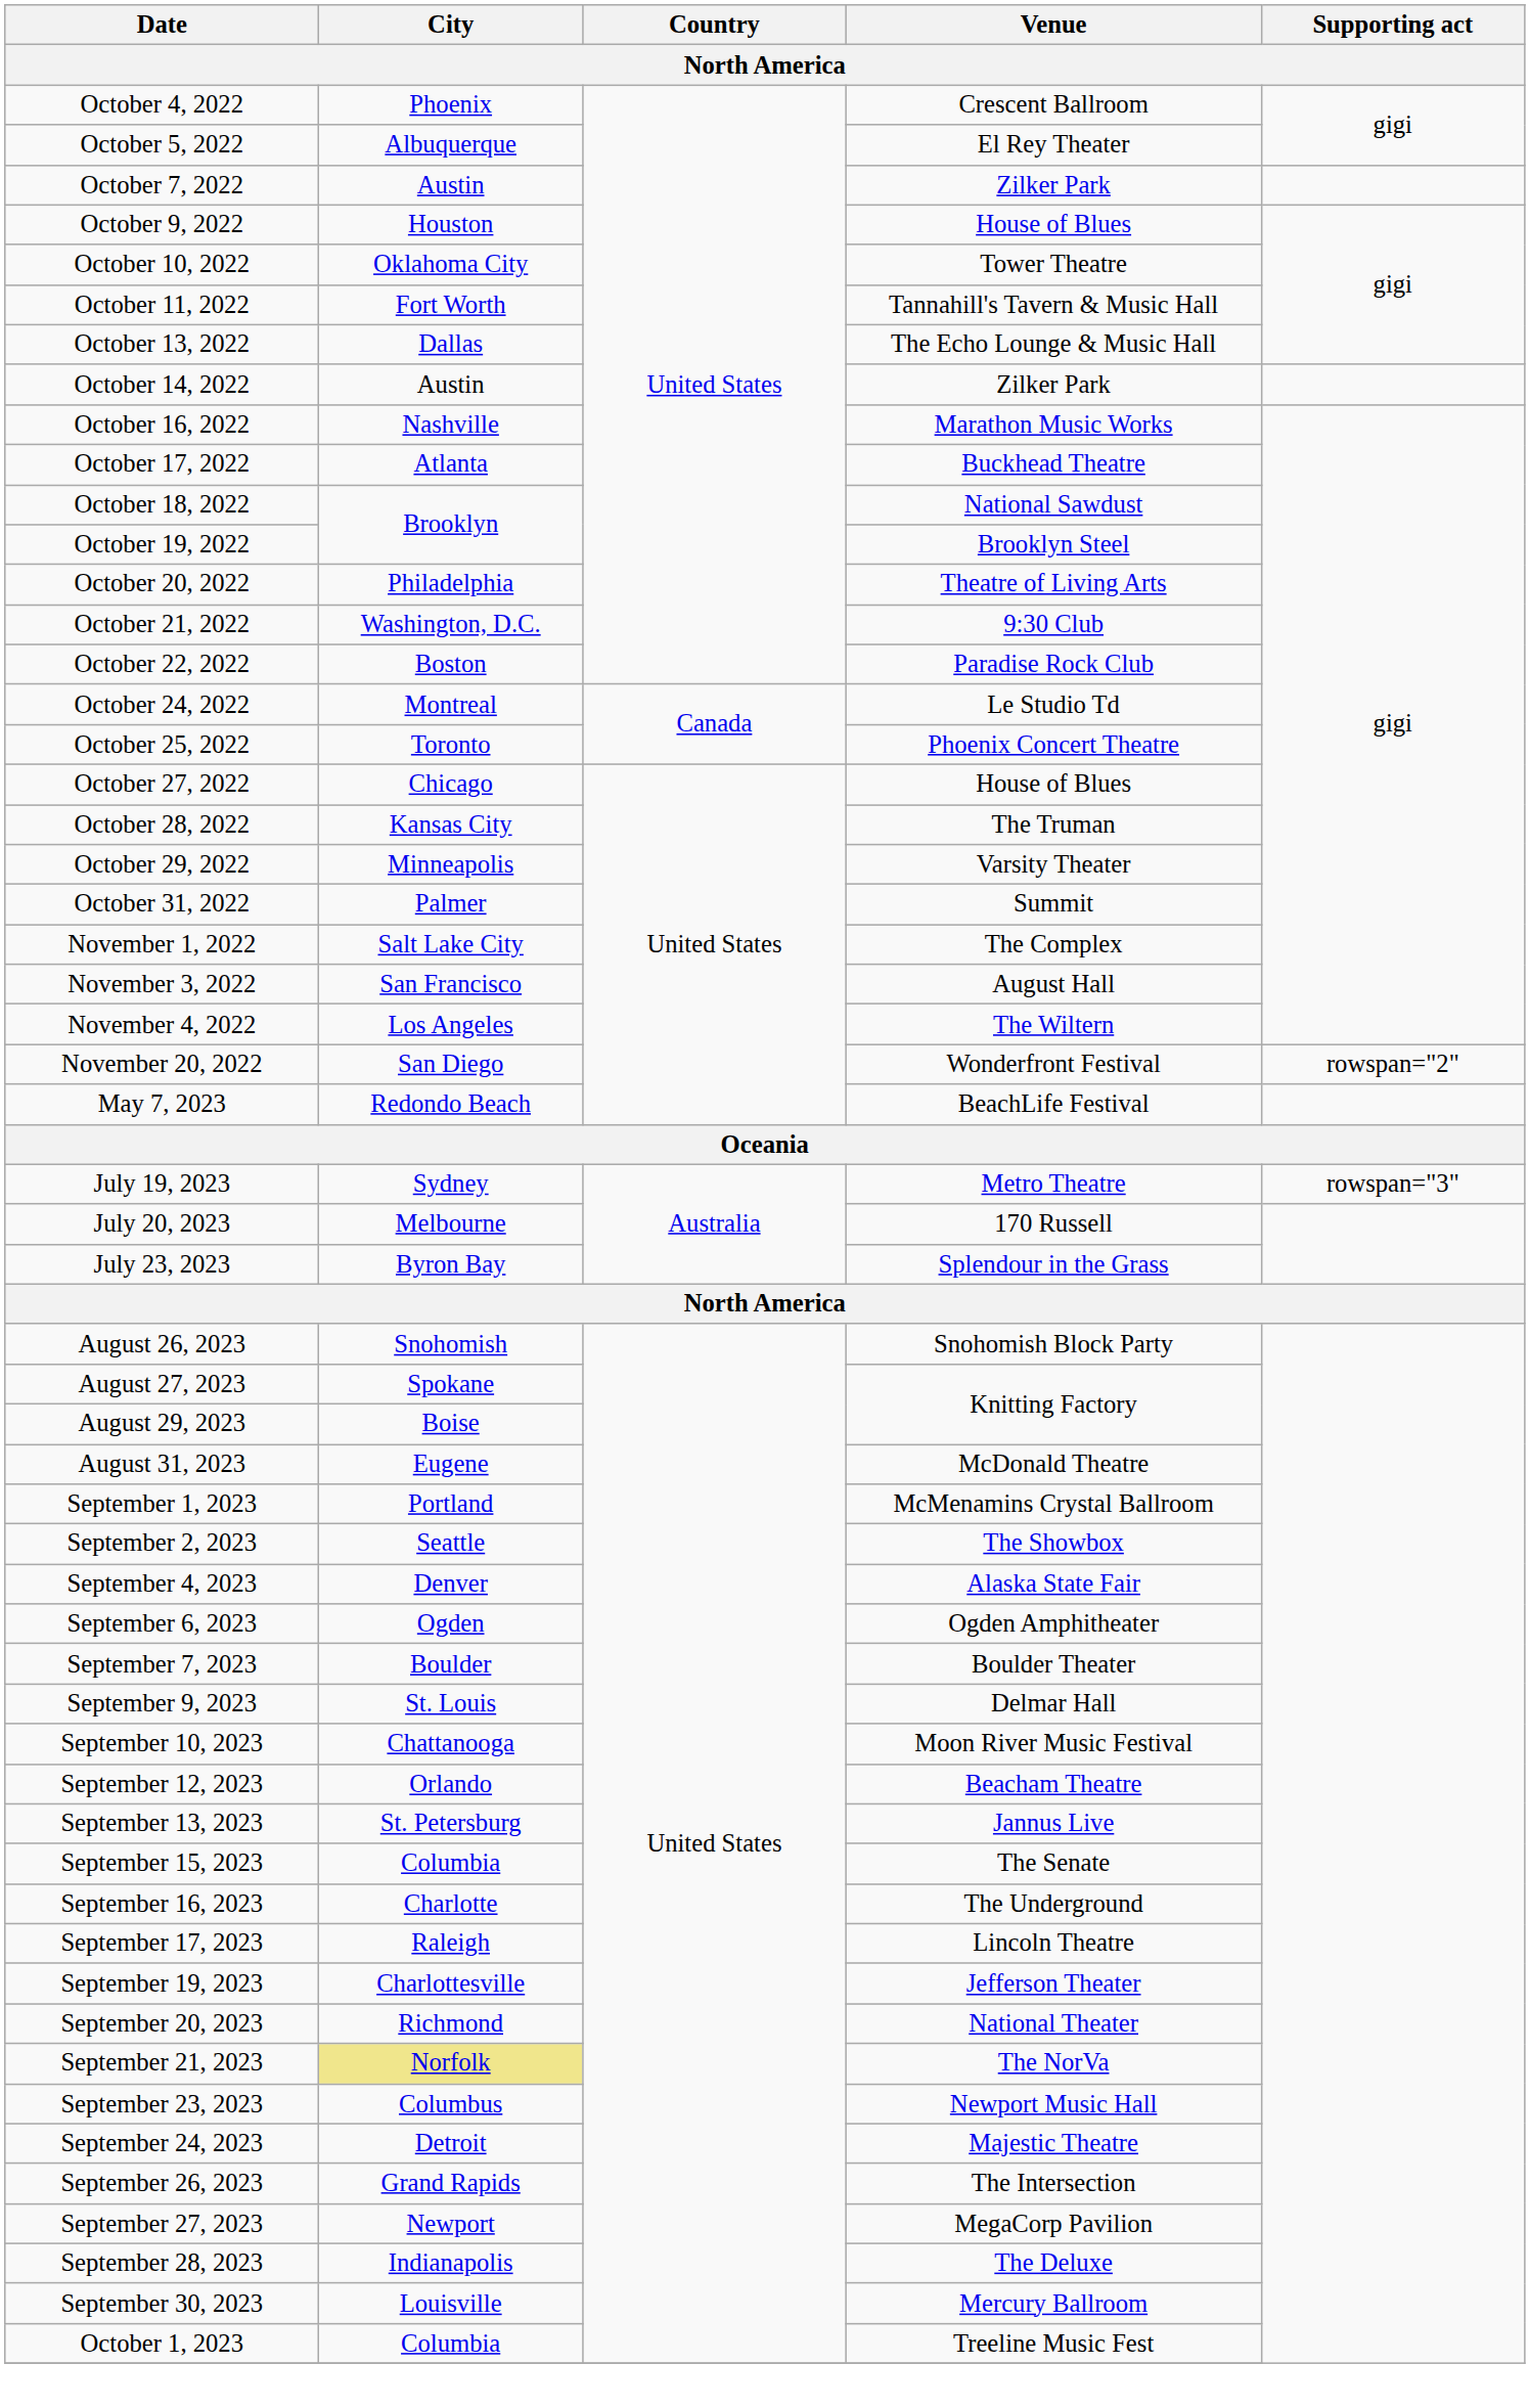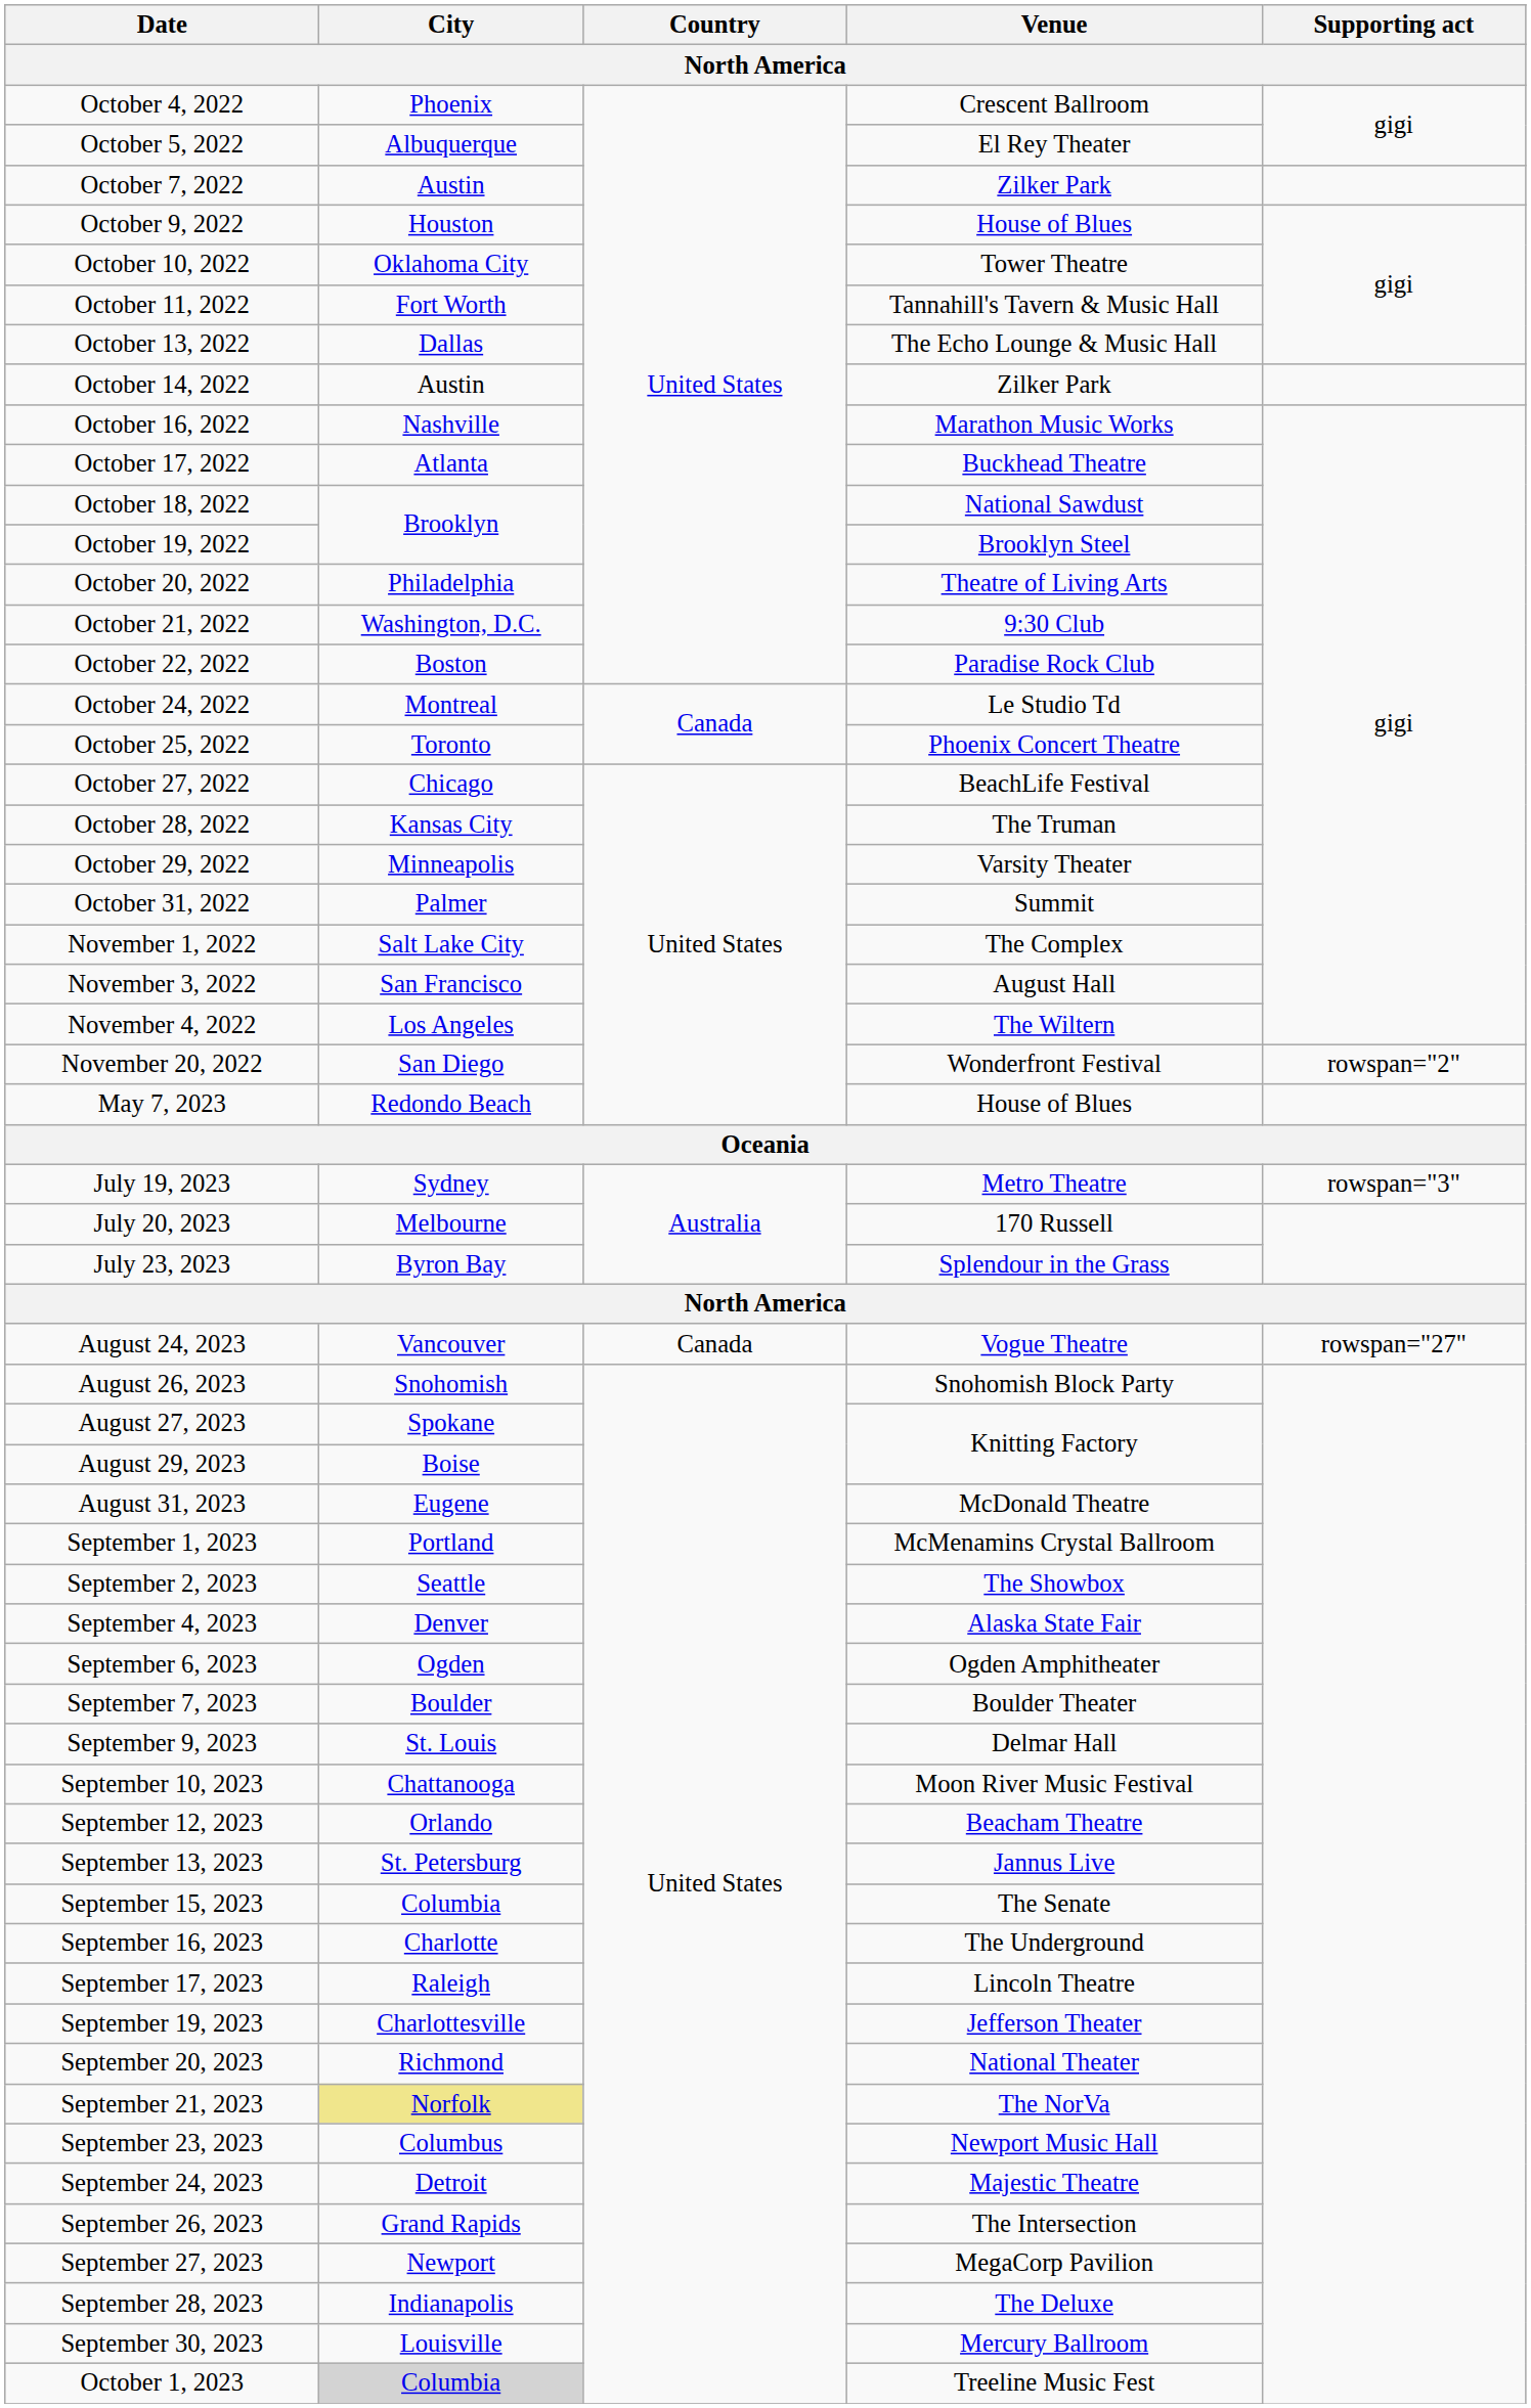 <table class="wikitable" style="text-align:center;">
 <tr>
 <th scope="col" style="width:12em;">Date</th>
 <th scope="col" style="width:10em;">City</th>
 <th scope="col" style="width:10em;">Country</th>
 <th scope="col" style="width:16em;">Venue</th>
 <th scope="col" style="width:10em;">Supporting act</th>
 </tr>
 <tr>
 <th colspan="5">North America</th>
 </tr>
 <tr>
 <td>October 4, 2022</td>
 <td><a href='#'>Phoenix</a></td>
 <td rowspan="15"><a href='#'>United States</a></td>
 <td>Crescent Ballroom</td>
 <td rowspan="2">gigi</td>
 </tr>
 <tr>
 <td>October 5, 2022</td>
 <td><a href='#'>Albuquerque</a></td>
 <td>El Rey Theater</td>
 </tr>
 <tr>
 <td>October 7, 2022</td>
 <td><a href='#'>Austin</a></td>
 <td><a href='#'>Zilker Park</a></td>
 <td></td>
 </tr>
 <tr>
 <td>October 9, 2022</td>
 <td><a href='#'>Houston</a></td>
 <td><a href='#'>House of Blues</a></td>
 <td rowspan="4">gigi</td>
 </tr>
 <tr>
 <td>October 10, 2022</td>
 <td><a href='#'>Oklahoma City</a></td>
 <td>Tower Theatre</td>
 </tr>
 <tr>
 <td>October 11, 2022</td>
 <td><a href='#'>Fort Worth</a></td>
 <td>Tannahill's Tavern & Music Hall</td>
 </tr>
 <tr>
 <td>October 13, 2022</td>
 <td><a href='#'>Dallas</a></td>
 <td>The Echo Lounge & Music Hall</td>
 </tr>
 <tr>
 <td>October 14, 2022</td>
 <td>Austin</td>
 <td>Zilker Park</td>
 <td></td>
 </tr>
 <tr>
 <td>October 16, 2022</td>
 <td><a href='#'>Nashville</a></td>
 <td><a href='#'>Marathon Music Works</a></td>
 <td rowspan="16">gigi</td>
 </tr>
 <tr>
 <td>October 17, 2022</td>
 <td><a href='#'>Atlanta</a></td>
 <td><a href='#'>Buckhead Theatre</a></td>
 </tr>
 <tr>
 <td>October 18, 2022</td>
 <td rowspan="2"><a href='#'>Brooklyn</a></td>
 <td><a href='#'>National Sawdust</a></td>
 </tr>
 <tr>
 <td>October 19, 2022</td>
 <td><a href='#'>Brooklyn Steel</a></td>
 </tr>
 <tr>
 <td>October 20, 2022</td>
 <td><a href='#'>Philadelphia</a></td>
 <td><a href='#'>Theatre of Living Arts</a></td>
 </tr>
 <tr>
 <td>October 21, 2022</td>
 <td><a href='#'>Washington, D.C.</a></td>
 <td><a href='#'>9:30 Club</a></td>
 </tr>
 <tr>
 <td>October 22, 2022</td>
 <td><a href='#'>Boston</a></td>
 <td><a href='#'>Paradise Rock Club</a></td>
 </tr>
 <tr>
 <td>October 24, 2022</td>
 <td><a href='#'>Montreal</a></td>
 <td rowspan="2"><a href='#'>Canada</a></td>
 <td>Le Studio Td</td>
 </tr>
 <tr>
 <td>October 25, 2022</td>
 <td><a href='#'>Toronto</a></td>
 <td><a href='#'>Phoenix Concert Theatre</a></td>
 </tr>
 <tr>
 <td>October 27, 2022</td>
 <td><a href='#'>Chicago</a></td>
 <td rowspan="9">United States</td>
-<td>House of Blues</td>
+<td>BeachLife Festival</td>
 </tr>
 <tr>
 <td>October 28, 2022</td>
 <td><a href='#'>Kansas City</a></td>
 <td>The Truman</td>
 </tr>
 <tr>
 <td>October 29, 2022</td>
 <td><a href='#'>Minneapolis</a></td>
 <td>Varsity Theater</td>
 </tr>
 <tr>
 <td>October 31, 2022</td>
 <td><a href='#'>Palmer</a></td>
 <td>Summit</td>
 </tr>
 <tr>
 <td>November 1, 2022</td>
 <td><a href='#'>Salt Lake City</a></td>
 <td>The Complex</td>
 </tr>
 <tr>
 <td>November 3, 2022</td>
 <td><a href='#'>San Francisco</a></td>
 <td>August Hall</td>
 </tr>
 <tr>
 <td>November 4, 2022</td>
 <td><a href='#'>Los Angeles</a></td>
 <td><a href='#'>The Wiltern</a></td>
 </tr>
 <tr>
 <td>November 20, 2022</td>
 <td><a href='#'>San Diego</a></td>
 <td>Wonderfront Festival</td>
 <td>rowspan="2" </td>
 </tr>
 <tr>
 <td>May 7, 2023</td>
 <td><a href='#'>Redondo Beach</a></td>
-<td>BeachLife Festival</td>
+<td>House of Blues</td>
 </tr>
 <tr>
 <th colspan="5">Oceania</th>
 </tr>
 <tr>
 <td>July 19, 2023</td>
 <td><a href='#'>Sydney</a></td>
 <td rowspan="3"><a href='#'>Australia</a></td>
 <td><a href='#'>Metro Theatre</a></td>
 <td>rowspan="3" </td>
 </tr>
 <tr>
 <td>July 20, 2023</td>
 <td><a href='#'>Melbourne</a></td>
 <td>170 Russell</td>
 </tr>
 <tr>
 <td>July 23, 2023</td>
 <td><a href='#'>Byron Bay</a></td>
 <td><a href='#'>Splendour in the Grass</a></td>
 </tr>
 <tr>
 <th colspan="5">North America</th>
+</tr>
+<tr>
+<td>August 24, 2023</td>
+<td><a href='#'>Vancouver</a></td>
+<td rowspan="1">Canada</td>
+<td><a href='#'>Vogue Theatre</a></td>
+<td>rowspan="27" </td>
 </tr>
 <tr>
 <td>August 26, 2023</td>
 <td><a href='#'>Snohomish</a></td>
 <td rowspan="26">United States</td>
 <td>Snohomish Block Party</td>
 </tr>
 <tr>
 <td>August 27, 2023</td>
 <td><a href='#'>Spokane</a></td>
 <td rowspan="2">Knitting Factory</td>
 </tr>
 <tr>
 <td>August 29, 2023</td>
 <td><a href='#'>Boise</a></td>
 </tr>
 <tr>
 <td>August 31, 2023</td>
 <td><a href='#'>Eugene</a></td>
 <td>McDonald Theatre</td>
 </tr>
 <tr>
 <td>September 1, 2023</td>
 <td><a href='#'>Portland</a></td>
 <td>McMenamins Crystal Ballroom</td>
 </tr>
 <tr>
 <td>September 2, 2023</td>
 <td><a href='#'>Seattle</a></td>
 <td><a href='#'>The Showbox</a></td>
 </tr>
 <tr>
 <td>September 4, 2023</td>
 <td><a href='#'>Denver</a></td>
 <td><a href='#'>Alaska State Fair</a></td>
 </tr>
 <tr>
 <td>September 6, 2023</td>
 <td><a href='#'>Ogden</a></td>
 <td>Ogden Amphitheater</td>
 </tr>
 <tr>
 <td>September 7, 2023</td>
 <td><a href='#'>Boulder</a></td>
 <td>Boulder Theater</td>
 </tr>
 <tr>
 <td>September 9, 2023</td>
 <td><a href='#'>St. Louis</a></td>
 <td>Delmar Hall</td>
 </tr>
 <tr>
 <td>September 10, 2023</td>
 <td><a href='#'>Chattanooga</a></td>
 <td>Moon River Music Festival</td>
 </tr>
 <tr>
 <td>September 12, 2023</td>
 <td><a href='#'>Orlando</a></td>
 <td><a href='#'>Beacham Theatre</a></td>
 </tr>
 <tr>
 <td>September 13, 2023</td>
 <td><a href='#'>St. Petersburg</a></td>
 <td><a href='#'>Jannus Live</a></td>
 </tr>
 <tr>
 <td>September 15, 2023</td>
 <td><a href='#'>Columbia</a></td>
 <td>The Senate</td>
 </tr>
 <tr>
 <td>September 16, 2023</td>
 <td><a href='#'>Charlotte</a></td>
 <td>The Underground</td>
 </tr>
 <tr>
 <td>September 17, 2023</td>
 <td><a href='#'>Raleigh</a></td>
 <td>Lincoln Theatre</td>
 </tr>
 <tr>
 <td>September 19, 2023</td>
 <td><a href='#'>Charlottesville</a></td>
 <td><a href='#'>Jefferson Theater</a></td>
 </tr>
 <tr>
 <td>September 20, 2023</td>
 <td><a href='#'>Richmond</a></td>
 <td><a href='#'>National Theater</a></td>
 </tr>
 <tr>
 <td>September 21, 2023</td>
 <td style="background: khaki;"><a href='#'>Norfolk</a></td>
 <td><a href='#'>The NorVa</a></td>
 </tr>
 <tr>
 <td>September 23, 2023</td>
 <td><a href='#'>Columbus</a></td>
 <td><a href='#'>Newport Music Hall</a></td>
 </tr>
 <tr>
 <td>September 24, 2023</td>
 <td><a href='#'>Detroit</a></td>
 <td><a href='#'>Majestic Theatre</a></td>
 </tr>
 <tr>
 <td>September 26, 2023</td>
 <td><a href='#'>Grand Rapids</a></td>
 <td>The Intersection</td>
 </tr>
 <tr>
 <td>September 27, 2023</td>
 <td><a href='#'>Newport</a></td>
 <td>MegaCorp Pavilion</td>
 </tr>
 <tr>
 <td>September 28, 2023</td>
 <td><a href='#'>Indianapolis</a></td>
 <td><a href='#'>The Deluxe</a></td>
 </tr>
 <tr>
 <td>September 30, 2023</td>
 <td><a href='#'>Louisville</a></td>
 <td><a href='#'>Mercury Ballroom</a></td>
 </tr>
 <tr>
 <td>October 1, 2023</td>
-<td><a href='#'>Columbia</a></td>
+<td style="background: lightgrey;"><a href='#'>Columbia</a></td>
 <td>Treeline Music Fest</td>
 </tr>
 <tr>
 </tr>
 </table>
